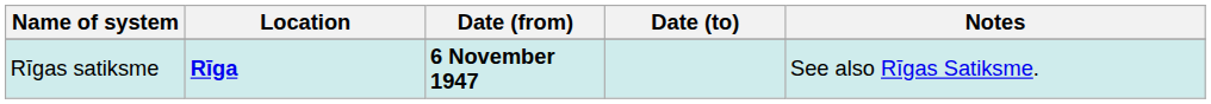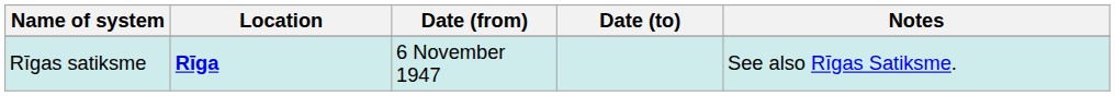 <table class="wikitable" width=100%>
 <tr>
 <th width=15%>Name of system</th>
 <th width=20%>Location</th>
 <th width=15%>Date (from)</th>
 <th width=15%>Date (to)</th>
 <th width=35%>Notes</th>
 </tr>
 <tr>
 </tr>
 <tr style="background:#CFECEC">
 <td>Rīgas satiksme</td>
 <td><strong><a href='#'>Rīga</a></strong></td>
-<td><strong>6 November 1947</strong></td>
+<td>6 November 1947</td>
 <td> </td>
 <td>See also <a href='#'>Rīgas Satiksme</a>.</td>
 </tr>
 </table>
